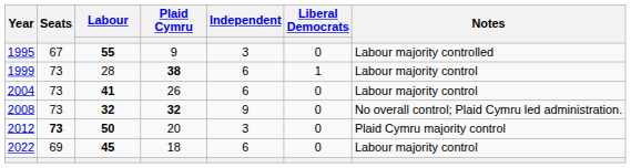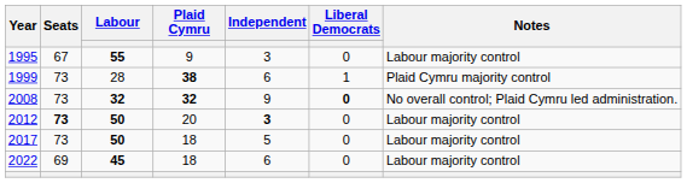 <table class="wikitable" style=text-align:center>
 <tr>
 <th rowspan=2>Year</th>
 <th rowspan=2>Seats</th>
 <th width="80"><a href='#'>Labour</a></th>
 <th width="80"><a href='#'>Plaid Cymru</a></th>
 <th width="80"><a href='#'>Independent</a></th>
 <th width="80"><a href='#'>Liberal Democrats</a></th>
 <th rowspan=2>Notes</th>
 </tr>
 <tr>
 <th style="background-color: "></th>
 <th style="background-color: "></th>
 <th style="background-color: "></th>
 <th style="background-color: "></th>
 </tr>
 <tr>
 <td><a href='#'>1995</a></td>
 <td>67</td>
 <td><strong>55</strong></td>
 <td>9</td>
 <td>3</td>
 <td>0</td>
-<td align=left>Labour majority controlled</td>
+<td align=left>Labour majority control</td>
 </tr>
 <tr>
 <td><a href='#'>1999</a></td>
 <td>73</td>
 <td>28</td>
 <td><strong>38</strong></td>
 <td>6</td>
 <td>1</td>
-<td align=left>Labour majority control</td>
-</tr>
-<tr>
-<td><a href='#'>2004</a></td>
-<td>73</td>
-<td><strong>41</strong></td>
-<td>26</td>
-<td>6</td>
-<td>0</td>
-<td align=left>Labour majority control</td>
+<td align=left>Plaid Cymru majority control</td>
 </tr>
 <tr>
 <td><a href='#'>2008</a></td>
 <td>73</td>
 <td><strong>32</strong></td>
 <td><strong>32</strong></td>
 <td>9</td>
-<td>0</td>
+<td><strong>0</strong></td>
 <td align=left>No overall control; Plaid Cymru led administration.</td>
 </tr>
 <tr>
 <td><a href='#'>2012</a></td>
 <td><strong>73</strong></td>
 <td><strong>50</strong></td>
 <td>20</td>
-<td>3</td>
+<td><strong>3</strong></td>
 <td>0</td>
-<td align=left>Plaid Cymru majority control</td>
+<td align=left>Labour majority control</td>
+</tr>
+<tr>
+<td><a href='#'>2017</a></td>
+<td>73</td>
+<td><strong>50</strong></td>
+<td>18</td>
+<td>5</td>
+<td>0</td>
+<td align=left>Labour majority control</td>
 </tr>
 <tr>
 <td><a href='#'>2022</a></td>
 <td>69</td>
 <td><strong>45</strong></td>
 <td>18</td>
 <td>6</td>
 <td>0</td>
 <td align=left>Labour majority control</td>
 </tr>
 <tr>
 <th></th>
 <th></th>
 <th style="background-color: "></th>
 <th style="background-color: "></th>
 <th style="background-color: "></th>
 <th style="background-color: "></th>
 <th></th>
 </tr>
 </table>
